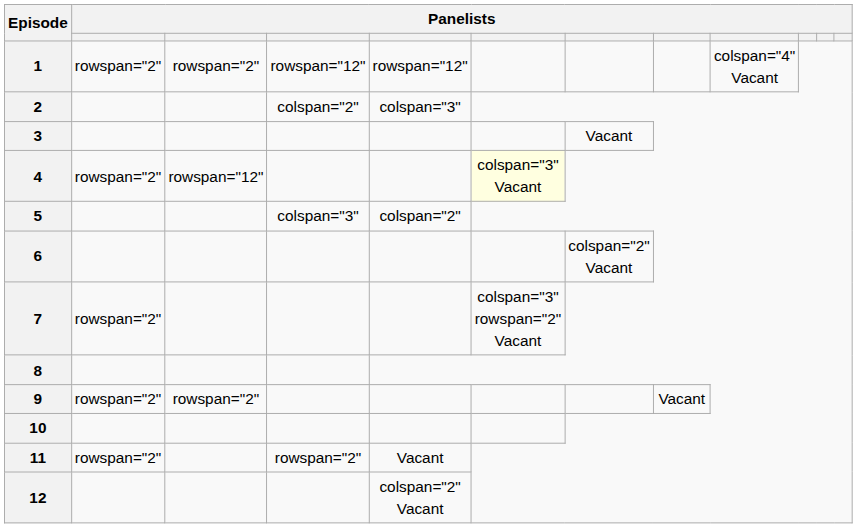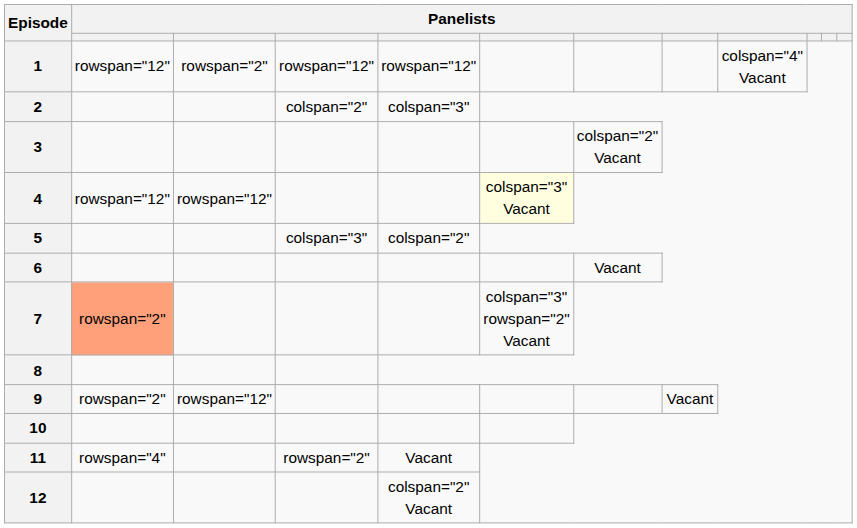 <table class="wikitable plainrowheaders mw-collapsible" style="text-align:center; line-height:23px; width:100%;">
 <tr>
 <th rowspan="2" width="1%">Episode</th>
 <th colspan="11">Panelists</th>
 </tr>
 <tr>
 <th width="9%"></th>
 <th width="9%"></th>
 <th width="9%"></th>
 <th width="9%"></th>
 <th width="9%"></th>
 <th width="9%"></th>
 <th width="9%"></th>
 <th width="9%"></th>
 <th width="9%"></th>
 <th width="9%"></th>
 <th width="9%"></th>
 </tr>
 <tr>
 <th>1</th>
-<td>rowspan="2" </td>
+<td>rowspan="12" </td>
 <td>rowspan="2" </td>
 <td>rowspan="12" </td>
 <td>rowspan="12" </td>
 <td></td>
 <td></td>
 <td></td>
 <td>colspan="4"  Vacant</td>
 </tr>
 <tr>
 <th>2</th>
 <td></td>
 <td></td>
 <td>colspan="2" </td>
 <td>colspan="3" </td>
 </tr>
 <tr>
 <th>3</th>
 <td></td>
 <td></td>
 <td></td>
 <td></td>
 <td></td>
-<td> Vacant</td>
+<td>colspan="2"  Vacant</td>
 </tr>
 <tr>
 <th>4</th>
-<td>rowspan="2" </td>
+<td>rowspan="12" </td>
 <td>rowspan="12" </td>
 <td></td>
 <td></td>
 <td style="background: lightyellow;">colspan="3"  Vacant</td>
 </tr>
 <tr>
 <th>5</th>
 <td></td>
 <td></td>
 <td>colspan="3" </td>
 <td>colspan="2" </td>
 </tr>
 <tr>
 <th>6</th>
 <td></td>
 <td></td>
 <td></td>
 <td></td>
 <td></td>
-<td>colspan="2"  Vacant</td>
+<td> Vacant</td>
 </tr>
 <tr>
 <th>7</th>
-<td>rowspan="2" </td>
+<td style="background: lightsalmon;">rowspan="2" </td>
 <td></td>
 <td></td>
 <td></td>
 <td>colspan="3" rowspan="2"  Vacant</td>
 </tr>
 <tr>
 <th>8</th>
 <td></td>
 <td></td>
 <td></td>
 </tr>
 <tr>
 <th>9</th>
 <td>rowspan="2" </td>
-<td>rowspan="2" </td>
+<td>rowspan="12" </td>
 <td></td>
 <td></td>
 <td></td>
 <td></td>
 <td> Vacant</td>
 </tr>
 <tr>
 <th>10</th>
 <td></td>
 <td></td>
 <td></td>
 <td></td>
 <td></td>
 </tr>
 <tr>
 <th>11</th>
-<td>rowspan="2" </td>
+<td>rowspan="4" </td>
 <td></td>
 <td>rowspan="2" </td>
 <td> Vacant</td>
 </tr>
 <tr>
 <th>12</th>
 <td></td>
 <td></td>
 <td></td>
 <td>colspan="2"  Vacant</td>
 </tr>
 </table>
